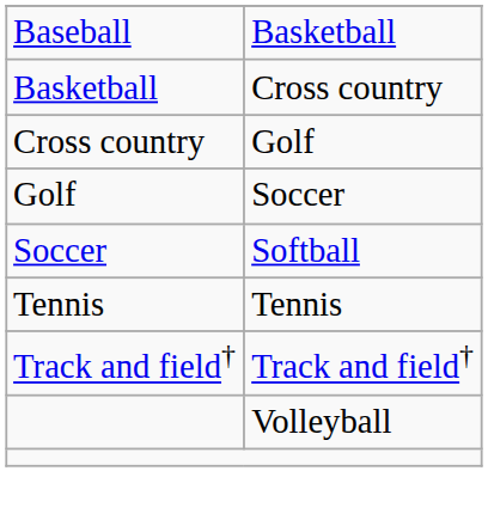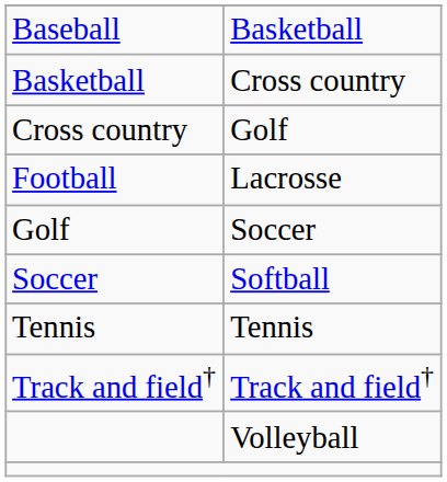 <table class="wikitable" style="float:right; clear:right; margin:0 0 1em 1em;">
 <tr>
 </tr>
 <tr>
 <td><a href='#'>Baseball</a></td>
 <td><a href='#'>Basketball</a></td>
 </tr>
 <tr>
 <td><a href='#'>Basketball</a></td>
 <td>Cross country</td>
 </tr>
 <tr>
 <td>Cross country</td>
 <td>Golf</td>
+</tr>
+<tr>
+<td><a href='#'>Football</a></td>
+<td>Lacrosse</td>
 </tr>
 <tr>
 <td>Golf</td>
 <td>Soccer</td>
 </tr>
 <tr>
 <td><a href='#'>Soccer</a></td>
 <td><a href='#'>Softball</a></td>
 </tr>
 <tr>
 <td>Tennis</td>
 <td>Tennis</td>
 </tr>
 <tr>
 <td><a href='#'>Track and field</a><sup>†</sup></td>
 <td><a href='#'>Track and field</a><sup>†</sup></td>
 </tr>
 <tr>
 <td></td>
 <td>Volleyball</td>
 </tr>
 <tr>
 <td colspan="2"></td>
 </tr>
 </table>
